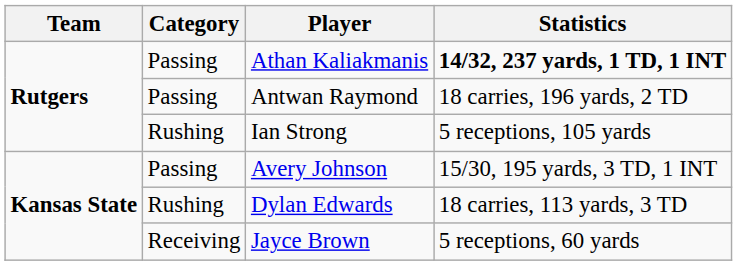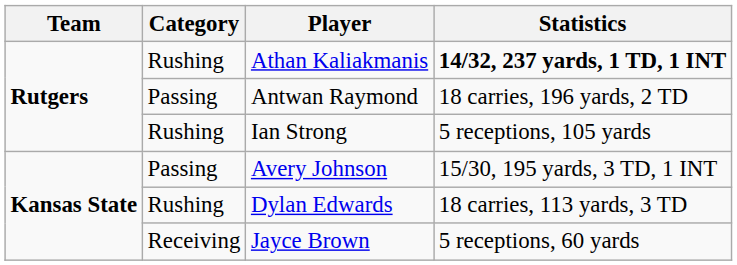 <table class="wikitable" style="float: right;">
 <tr>
 <th>Team</th>
 <th>Category</th>
 <th>Player</th>
 <th>Statistics</th>
 </tr>
 <tr>
 <td rowspan=3><strong>Rutgers</strong></td>
-<td>Passing</td>
+<td>Rushing</td>
 <td><a href='#'>Athan Kaliakmanis</a></td>
 <td><strong>14/32, 237 yards, 1 TD, 1 INT</strong></td>
 </tr>
 <tr>
 <td>Passing</td>
 <td>Antwan Raymond</td>
 <td>18 carries, 196 yards, 2 TD</td>
 </tr>
 <tr>
 <td>Rushing</td>
 <td>Ian Strong</td>
 <td>5 receptions, 105 yards</td>
 </tr>
 <tr>
 <td rowspan=3><strong>Kansas State</strong></td>
 <td>Passing</td>
 <td><a href='#'>Avery Johnson</a></td>
 <td>15/30, 195 yards, 3 TD, 1 INT</td>
 </tr>
 <tr>
 <td>Rushing</td>
 <td><a href='#'>Dylan Edwards</a></td>
 <td>18 carries, 113 yards, 3 TD</td>
 </tr>
 <tr>
 <td>Receiving</td>
 <td><a href='#'>Jayce Brown</a></td>
 <td>5 receptions, 60 yards</td>
 </tr>
 </table>
